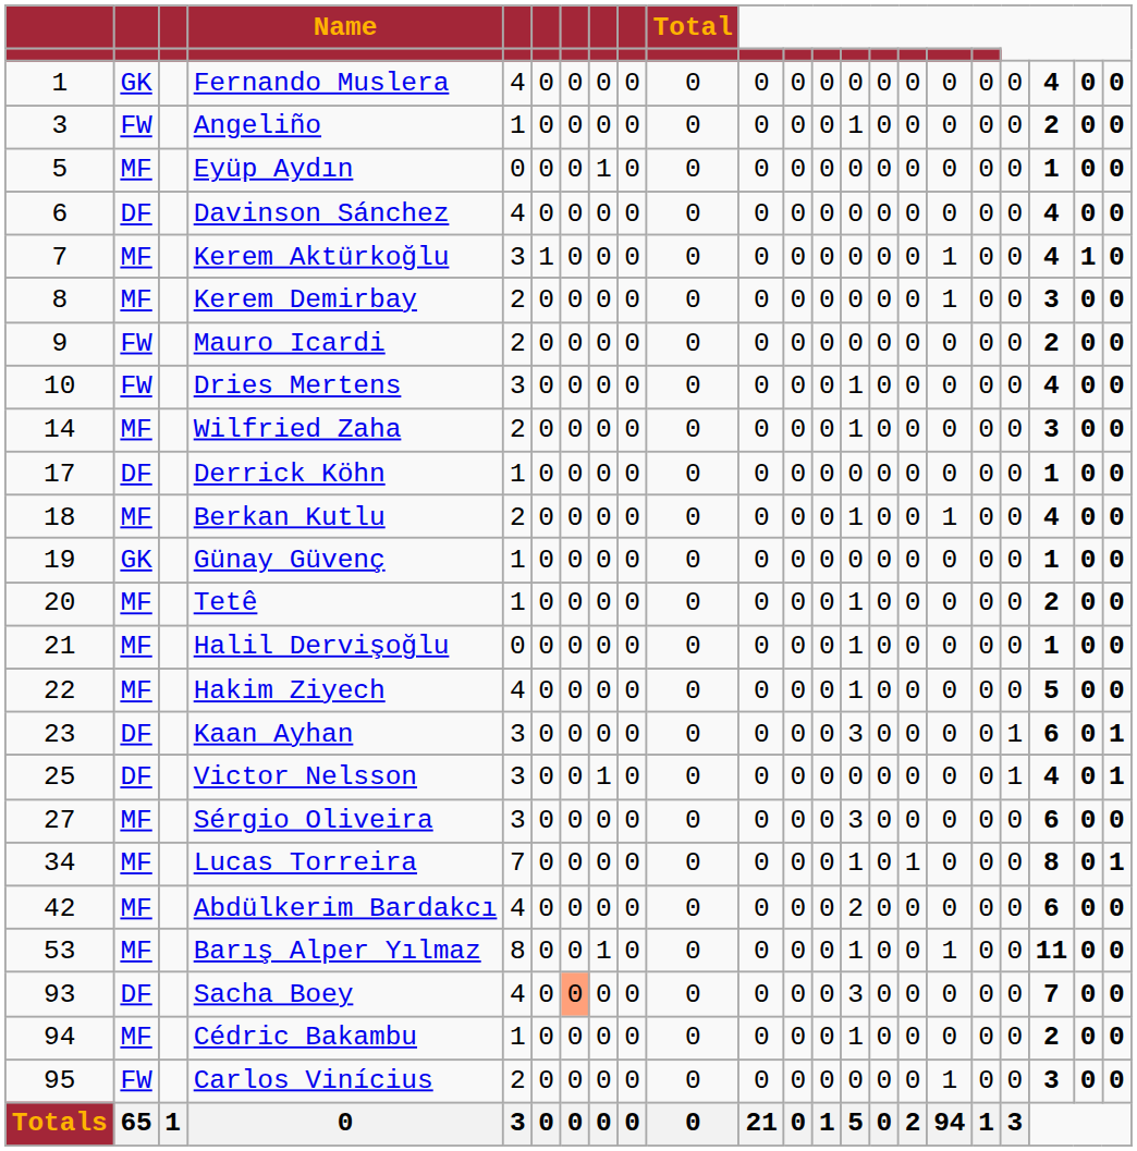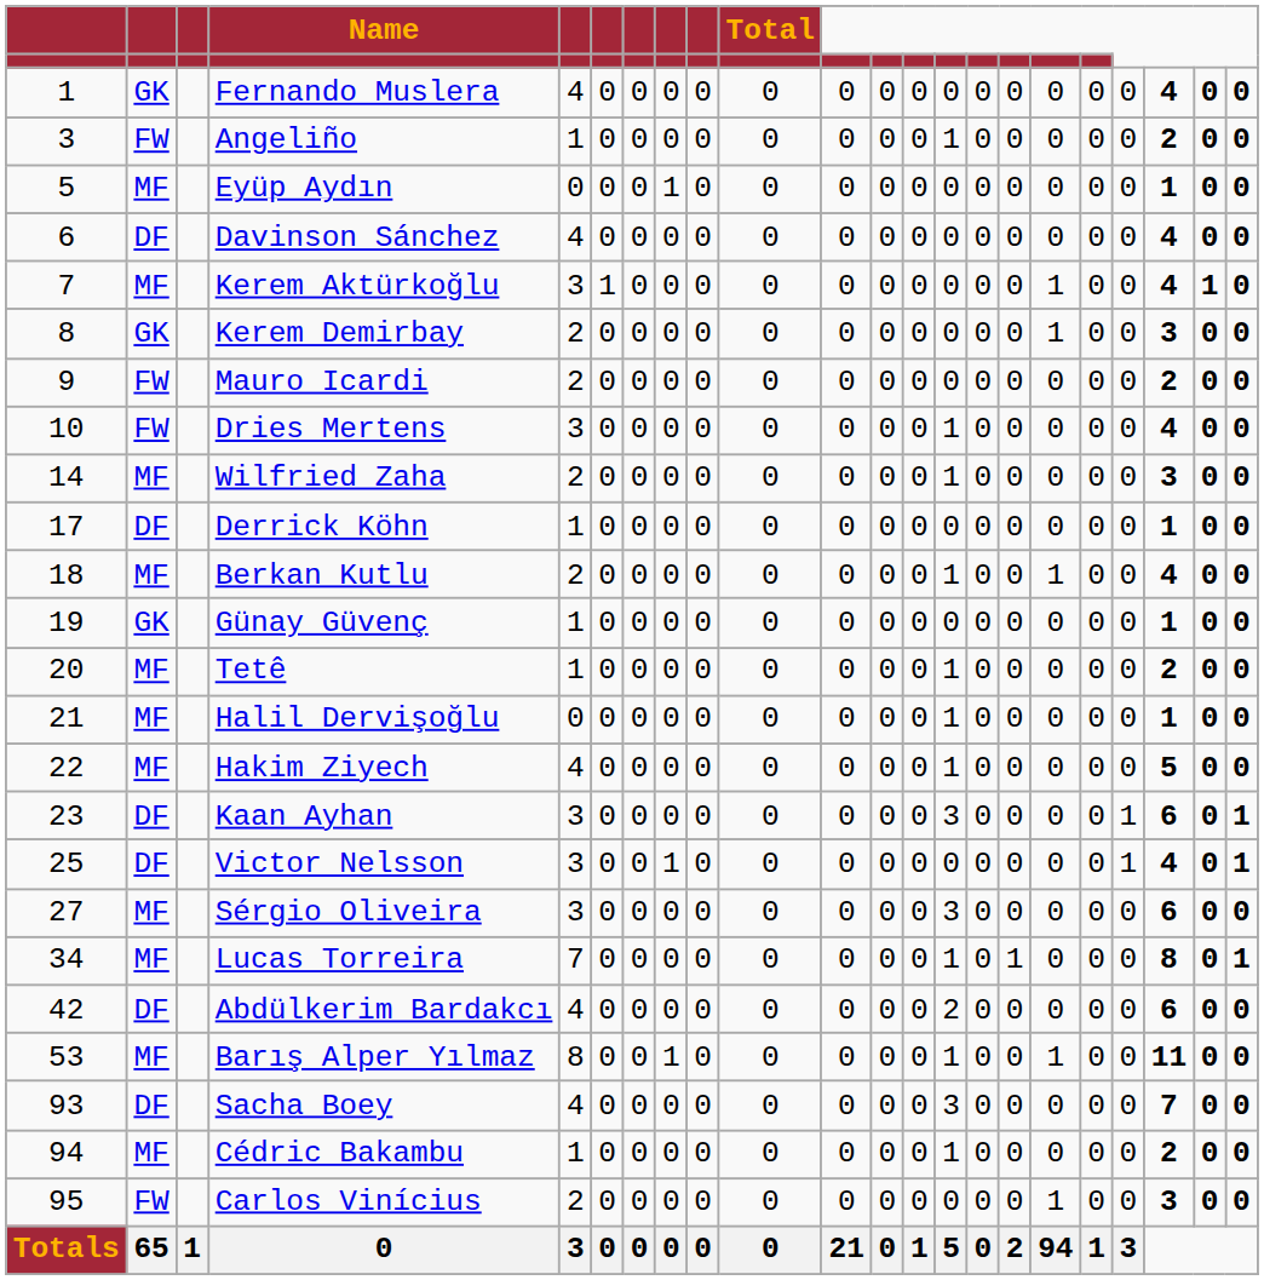 <table class="wikitable" style="text-align:center;">
 <tr>
 <th style="background:#A32638; color:#FFB300; "></th>
 <th style="background:#A32638; color:#FFB300; "></th>
 <th style="background:#A32638; color:#FFB300; "></th>
 <th style="background:#A32638; color:#FFB300; ">Name</th>
 <th style="background:#A32638; color:#FFB300; "></th>
 <th style="background:#A32638; color:#FFB300; "></th>
 <th style="background:#A32638; color:#FFB300; "></th>
 <th style="background:#A32638; color:#FFB300; "></th>
 <th style="background:#A32638; color:#FFB300; "></th>
 <th style="background:#A32638; color:#FFB300; ">Total</th>
 </tr>
 <tr>
 <th style="background:#A32638; color:#FFB300; "></th>
 <th style="background:#A32638; color:#FFB300; "></th>
 <th style="background:#A32638; color:#FFB300; "></th>
 <th style="background:#A32638; color:#FFB300; "></th>
 <th style="background:#A32638; color:#FFB300; "></th>
 <th style="background:#A32638; color:#FFB300; "></th>
 <th style="background:#A32638; color:#FFB300; "></th>
 <th style="background:#A32638; color:#FFB300; "></th>
 <th style="background:#A32638; color:#FFB300; "></th>
 <th style="background:#A32638; color:#FFB300; "></th>
 <th style="background:#A32638; color:#FFB300; "></th>
 <th style="background:#A32638; color:#FFB300; "></th>
 <th style="background:#A32638; color:#FFB300; "></th>
 <th style="background:#A32638; color:#FFB300; "></th>
 <th style="background:#A32638; color:#FFB300; "></th>
 <th style="background:#A32638; color:#FFB300; "></th>
 <th style="background:#A32638; color:#FFB300; "></th>
 <th style="background:#A32638; color:#FFB300; "></th>
 </tr>
 <tr>
 <td>1</td>
 <td><a href='#'>GK</a></td>
 <td></td>
 <td align=left><a href='#'>Fernando Muslera</a></td>
 <td>4</td>
 <td>0</td>
 <td>0</td>
 <td>0</td>
 <td>0</td>
 <td>0</td>
 <td>0</td>
 <td>0</td>
 <td>0</td>
 <td>0</td>
 <td>0</td>
 <td>0</td>
 <td>0</td>
 <td>0</td>
 <td>0</td>
 <td><strong>4</strong></td>
 <td><strong>0</strong></td>
 <td><strong>0</strong></td>
 </tr>
 <tr>
 <td>3</td>
 <td><a href='#'>FW</a></td>
 <td></td>
 <td align=left><a href='#'>Angeliño</a></td>
 <td>1</td>
 <td>0</td>
 <td>0</td>
 <td>0</td>
 <td>0</td>
 <td>0</td>
 <td>0</td>
 <td>0</td>
 <td>0</td>
 <td>1</td>
 <td>0</td>
 <td>0</td>
 <td>0</td>
 <td>0</td>
 <td>0</td>
 <td><strong>2</strong></td>
 <td><strong>0</strong></td>
 <td><strong>0</strong></td>
 </tr>
 <tr>
 <td>5</td>
 <td><a href='#'>MF</a></td>
 <td></td>
 <td align=left><a href='#'>Eyüp Aydın</a></td>
 <td>0</td>
 <td>0</td>
 <td>0</td>
 <td>1</td>
 <td>0</td>
 <td>0</td>
 <td>0</td>
 <td>0</td>
 <td>0</td>
 <td>0</td>
 <td>0</td>
 <td>0</td>
 <td>0</td>
 <td>0</td>
 <td>0</td>
 <td><strong>1</strong></td>
 <td><strong>0</strong></td>
 <td><strong>0</strong></td>
 </tr>
 <tr>
 <td>6</td>
 <td><a href='#'>DF</a></td>
 <td></td>
 <td align=left><a href='#'>Davinson Sánchez</a></td>
 <td>4</td>
 <td>0</td>
 <td>0</td>
 <td>0</td>
 <td>0</td>
 <td>0</td>
 <td>0</td>
 <td>0</td>
 <td>0</td>
 <td>0</td>
 <td>0</td>
 <td>0</td>
 <td>0</td>
 <td>0</td>
 <td>0</td>
 <td><strong>4</strong></td>
 <td><strong>0</strong></td>
 <td><strong>0</strong></td>
 </tr>
 <tr>
 <td>7</td>
 <td><a href='#'>MF</a></td>
 <td></td>
 <td align=left><a href='#'>Kerem Aktürkoğlu</a></td>
 <td>3</td>
 <td>1</td>
 <td>0</td>
 <td>0</td>
 <td>0</td>
 <td>0</td>
 <td>0</td>
 <td>0</td>
 <td>0</td>
 <td>0</td>
 <td>0</td>
 <td>0</td>
 <td>1</td>
 <td>0</td>
 <td>0</td>
 <td><strong>4</strong></td>
 <td><strong>1</strong></td>
 <td><strong>0</strong></td>
 </tr>
 <tr>
 <td>8</td>
-<td><a href='#'>MF</a></td>
+<td><a href='#'>GK</a></td>
 <td></td>
 <td align=left><a href='#'>Kerem Demirbay</a></td>
 <td>2</td>
 <td>0</td>
 <td>0</td>
 <td>0</td>
 <td>0</td>
 <td>0</td>
 <td>0</td>
 <td>0</td>
 <td>0</td>
 <td>0</td>
 <td>0</td>
 <td>0</td>
 <td>1</td>
 <td>0</td>
 <td>0</td>
 <td><strong>3</strong></td>
 <td><strong>0</strong></td>
 <td><strong>0</strong></td>
 </tr>
 <tr>
 <td>9</td>
 <td><a href='#'>FW</a></td>
 <td></td>
 <td align=left><a href='#'>Mauro Icardi</a></td>
 <td>2</td>
 <td>0</td>
 <td>0</td>
 <td>0</td>
 <td>0</td>
 <td>0</td>
 <td>0</td>
 <td>0</td>
 <td>0</td>
 <td>0</td>
 <td>0</td>
 <td>0</td>
 <td>0</td>
 <td>0</td>
 <td>0</td>
 <td><strong>2</strong></td>
 <td><strong>0</strong></td>
 <td><strong>0</strong></td>
 </tr>
 <tr>
 <td>10</td>
 <td><a href='#'>FW</a></td>
 <td></td>
 <td align=left><a href='#'>Dries Mertens</a></td>
 <td>3</td>
 <td>0</td>
 <td>0</td>
 <td>0</td>
 <td>0</td>
 <td>0</td>
 <td>0</td>
 <td>0</td>
 <td>0</td>
 <td>1</td>
 <td>0</td>
 <td>0</td>
 <td>0</td>
 <td>0</td>
 <td>0</td>
 <td><strong>4</strong></td>
 <td><strong>0</strong></td>
 <td><strong>0</strong></td>
 </tr>
 <tr>
 <td>14</td>
 <td><a href='#'>MF</a></td>
 <td></td>
 <td align=left><a href='#'>Wilfried Zaha</a></td>
 <td>2</td>
 <td>0</td>
 <td>0</td>
 <td>0</td>
 <td>0</td>
 <td>0</td>
 <td>0</td>
 <td>0</td>
 <td>0</td>
 <td>1</td>
 <td>0</td>
 <td>0</td>
 <td>0</td>
 <td>0</td>
 <td>0</td>
 <td><strong>3</strong></td>
 <td><strong>0</strong></td>
 <td><strong>0</strong></td>
 </tr>
 <tr>
 <td>17</td>
 <td><a href='#'>DF</a></td>
 <td></td>
 <td align=left><a href='#'>Derrick Köhn</a></td>
 <td>1</td>
 <td>0</td>
 <td>0</td>
 <td>0</td>
 <td>0</td>
 <td>0</td>
 <td>0</td>
 <td>0</td>
 <td>0</td>
 <td>0</td>
 <td>0</td>
 <td>0</td>
 <td>0</td>
 <td>0</td>
 <td>0</td>
 <td><strong>1</strong></td>
 <td><strong>0</strong></td>
 <td><strong>0</strong></td>
 </tr>
 <tr>
 <td>18</td>
 <td><a href='#'>MF</a></td>
 <td></td>
 <td align=left><a href='#'>Berkan Kutlu</a></td>
 <td>2</td>
 <td>0</td>
 <td>0</td>
 <td>0</td>
 <td>0</td>
 <td>0</td>
 <td>0</td>
 <td>0</td>
 <td>0</td>
 <td>1</td>
 <td>0</td>
 <td>0</td>
 <td>1</td>
 <td>0</td>
 <td>0</td>
 <td><strong>4</strong></td>
 <td><strong>0</strong></td>
 <td><strong>0</strong></td>
 </tr>
 <tr>
 <td>19</td>
 <td><a href='#'>GK</a></td>
 <td></td>
 <td align=left><a href='#'>Günay Güvenç</a></td>
 <td>1</td>
 <td>0</td>
 <td>0</td>
 <td>0</td>
 <td>0</td>
 <td>0</td>
 <td>0</td>
 <td>0</td>
 <td>0</td>
 <td>0</td>
 <td>0</td>
 <td>0</td>
 <td>0</td>
 <td>0</td>
 <td>0</td>
 <td><strong>1</strong></td>
 <td><strong>0</strong></td>
 <td><strong>0</strong></td>
 </tr>
 <tr>
 <td>20</td>
 <td><a href='#'>MF</a></td>
 <td></td>
 <td align=left><a href='#'>Tetê</a></td>
 <td>1</td>
 <td>0</td>
 <td>0</td>
 <td>0</td>
 <td>0</td>
 <td>0</td>
 <td>0</td>
 <td>0</td>
 <td>0</td>
 <td>1</td>
 <td>0</td>
 <td>0</td>
 <td>0</td>
 <td>0</td>
 <td>0</td>
 <td><strong>2</strong></td>
 <td><strong>0</strong></td>
 <td><strong>0</strong></td>
 </tr>
 <tr>
 <td>21</td>
 <td><a href='#'>MF</a></td>
 <td></td>
 <td align=left><a href='#'>Halil Dervişoğlu</a></td>
 <td>0</td>
 <td>0</td>
 <td>0</td>
 <td>0</td>
 <td>0</td>
 <td>0</td>
 <td>0</td>
 <td>0</td>
 <td>0</td>
 <td>1</td>
 <td>0</td>
 <td>0</td>
 <td>0</td>
 <td>0</td>
 <td>0</td>
 <td><strong>1</strong></td>
 <td><strong>0</strong></td>
 <td><strong>0</strong></td>
 </tr>
 <tr>
 <td>22</td>
 <td><a href='#'>MF</a></td>
 <td></td>
 <td align=left><a href='#'>Hakim Ziyech</a></td>
 <td>4</td>
 <td>0</td>
 <td>0</td>
 <td>0</td>
 <td>0</td>
 <td>0</td>
 <td>0</td>
 <td>0</td>
 <td>0</td>
 <td>1</td>
 <td>0</td>
 <td>0</td>
 <td>0</td>
 <td>0</td>
 <td>0</td>
 <td><strong>5</strong></td>
 <td><strong>0</strong></td>
 <td><strong>0</strong></td>
 </tr>
 <tr>
 <td>23</td>
 <td><a href='#'>DF</a></td>
 <td></td>
 <td align=left><a href='#'>Kaan Ayhan</a></td>
 <td>3</td>
 <td>0</td>
 <td>0</td>
 <td>0</td>
 <td>0</td>
 <td>0</td>
 <td>0</td>
 <td>0</td>
 <td>0</td>
 <td>3</td>
 <td>0</td>
 <td>0</td>
 <td>0</td>
 <td>0</td>
 <td>1</td>
 <td><strong>6</strong></td>
 <td><strong>0</strong></td>
 <td><strong>1</strong></td>
 </tr>
 <tr>
 <td>25</td>
 <td><a href='#'>DF</a></td>
 <td></td>
 <td align=left><a href='#'>Victor Nelsson</a></td>
 <td>3</td>
 <td>0</td>
 <td>0</td>
 <td>1</td>
 <td>0</td>
 <td>0</td>
 <td>0</td>
 <td>0</td>
 <td>0</td>
 <td>0</td>
 <td>0</td>
 <td>0</td>
 <td>0</td>
 <td>0</td>
 <td>1</td>
 <td><strong>4</strong></td>
 <td><strong>0</strong></td>
 <td><strong>1</strong></td>
 </tr>
 <tr>
 <td>27</td>
 <td><a href='#'>MF</a></td>
 <td></td>
 <td align=left><a href='#'>Sérgio Oliveira</a></td>
 <td>3</td>
 <td>0</td>
 <td>0</td>
 <td>0</td>
 <td>0</td>
 <td>0</td>
 <td>0</td>
 <td>0</td>
 <td>0</td>
 <td>3</td>
 <td>0</td>
 <td>0</td>
 <td>0</td>
 <td>0</td>
 <td>0</td>
 <td><strong>6</strong></td>
 <td><strong>0</strong></td>
 <td><strong>0</strong></td>
 </tr>
 <tr>
 <td>34</td>
 <td><a href='#'>MF</a></td>
 <td></td>
 <td align=left><a href='#'>Lucas Torreira</a></td>
 <td>7</td>
 <td>0</td>
 <td>0</td>
 <td>0</td>
 <td>0</td>
 <td>0</td>
 <td>0</td>
 <td>0</td>
 <td>0</td>
 <td>1</td>
 <td>0</td>
 <td>1</td>
 <td>0</td>
 <td>0</td>
 <td>0</td>
 <td><strong>8</strong></td>
 <td><strong>0</strong></td>
 <td><strong>1</strong></td>
 </tr>
 <tr>
 <td>42</td>
-<td><a href='#'>MF</a></td>
+<td><a href='#'>DF</a></td>
 <td></td>
 <td align=left><a href='#'>Abdülkerim Bardakcı</a></td>
 <td>4</td>
 <td>0</td>
 <td>0</td>
 <td>0</td>
 <td>0</td>
 <td>0</td>
 <td>0</td>
 <td>0</td>
 <td>0</td>
 <td>2</td>
 <td>0</td>
 <td>0</td>
 <td>0</td>
 <td>0</td>
 <td>0</td>
 <td><strong>6</strong></td>
 <td><strong>0</strong></td>
 <td><strong>0</strong></td>
 </tr>
 <tr>
 <td>53</td>
 <td><a href='#'>MF</a></td>
 <td></td>
 <td align=left><a href='#'>Barış Alper Yılmaz</a></td>
 <td>8</td>
 <td>0</td>
 <td>0</td>
 <td>1</td>
 <td>0</td>
 <td>0</td>
 <td>0</td>
 <td>0</td>
 <td>0</td>
 <td>1</td>
 <td>0</td>
 <td>0</td>
 <td>1</td>
 <td>0</td>
 <td>0</td>
 <td><strong>11</strong></td>
 <td><strong>0</strong></td>
 <td><strong>0</strong></td>
 </tr>
 <tr>
 <td>93</td>
 <td><a href='#'>DF</a></td>
 <td></td>
 <td align=left><a href='#'>Sacha Boey</a></td>
 <td>4</td>
 <td>0</td>
-<td style="background: lightsalmon;">0</td>
+<td>0</td>
 <td>0</td>
 <td>0</td>
 <td>0</td>
 <td>0</td>
 <td>0</td>
 <td>0</td>
 <td>3</td>
 <td>0</td>
 <td>0</td>
 <td>0</td>
 <td>0</td>
 <td>0</td>
 <td><strong>7</strong></td>
 <td><strong>0</strong></td>
 <td><strong>0</strong></td>
 </tr>
 <tr>
 <td>94</td>
 <td><a href='#'>MF</a></td>
 <td></td>
 <td align=left><a href='#'>Cédric Bakambu</a></td>
 <td>1</td>
 <td>0</td>
 <td>0</td>
 <td>0</td>
 <td>0</td>
 <td>0</td>
 <td>0</td>
 <td>0</td>
 <td>0</td>
 <td>1</td>
 <td>0</td>
 <td>0</td>
 <td>0</td>
 <td>0</td>
 <td>0</td>
 <td><strong>2</strong></td>
 <td><strong>0</strong></td>
 <td><strong>0</strong></td>
 </tr>
 <tr>
 <td>95</td>
 <td><a href='#'>FW</a></td>
 <td></td>
 <td align=left><a href='#'>Carlos Vinícius</a></td>
 <td>2</td>
 <td>0</td>
 <td>0</td>
 <td>0</td>
 <td>0</td>
 <td>0</td>
 <td>0</td>
 <td>0</td>
 <td>0</td>
 <td>0</td>
 <td>0</td>
 <td>0</td>
 <td>1</td>
 <td>0</td>
 <td>0</td>
 <td><strong>3</strong></td>
 <td><strong>0</strong></td>
 <td><strong>0</strong></td>
 </tr>
 <tr>
 <td style="background:#A32638; color:#FFB300; "><strong>Totals</strong></td>
 <th><strong>65</strong></th>
 <th><strong>1</strong></th>
 <th><strong>0</strong></th>
 <th><strong>3</strong></th>
 <th><strong>0</strong></th>
 <th><strong>0</strong></th>
 <th><strong>0</strong></th>
 <th><strong>0</strong></th>
 <th><strong>0</strong></th>
 <th><strong>21</strong></th>
 <th><strong>0</strong></th>
 <th><strong>1</strong></th>
 <th><strong>5</strong></th>
 <th><strong>0</strong></th>
 <th><strong>2</strong></th>
 <th><strong>94</strong></th>
 <th><strong>1</strong></th>
 <th><strong>3</strong></th>
 </tr>
 </table>
